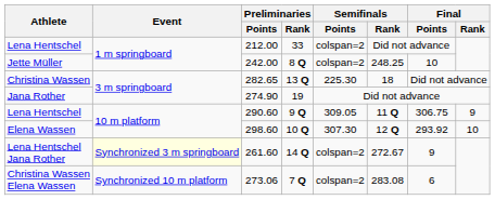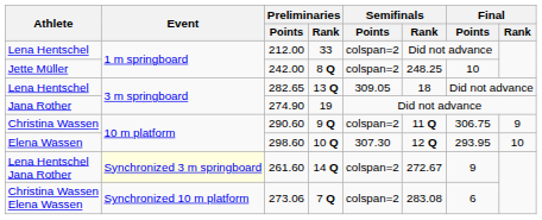 <table class="wikitable" style="font-size:90%">
 <tr>
 <th rowspan="2">Athlete</th>
 <th rowspan="2">Event</th>
 <th colspan="2">Preliminaries</th>
 <th colspan="2">Semifinals</th>
 <th colspan="2">Final</th>
 </tr>
 <tr style="font-size:95%">
 <th>Points</th>
 <th>Rank</th>
 <th>Points</th>
 <th>Rank</th>
 <th>Points</th>
 <th>Rank</th>
 </tr>
 <tr align=center>
 <td align=left><a href='#'>Lena Hentschel</a></td>
 <td align=left rowspan=2><a href='#'>1 m springboard</a></td>
 <td>212.00</td>
 <td>33</td>
 <td>colspan=2</td>
 <td colspan=2>Did not advance</td>
 </tr>
 <tr align=center>
 <td align=left><a href='#'>Jette Müller</a></td>
 <td>242.00</td>
 <td>8 <strong>Q</strong></td>
 <td>colspan=2</td>
 <td>248.25</td>
 <td>10</td>
 </tr>
 <tr align=center>
-<td align=left><a href='#'>Christina Wassen</a></td>
+<td align=left><a href='#'>Lena Hentschel</a></td>
 <td align=left rowspan=2><a href='#'>3 m springboard</a></td>
 <td>282.65</td>
 <td>13 <strong>Q</strong></td>
-<td>225.30</td>
+<td>309.05</td>
 <td>18</td>
 <td colspan=2>Did not advance</td>
 </tr>
 <tr align=center>
 <td align=left><a href='#'>Jana Rother</a></td>
 <td>274.90</td>
 <td>19</td>
 <td colspan=4>Did not advance</td>
 </tr>
 <tr align=center>
-<td align=left><a href='#'>Lena Hentschel</a></td>
+<td align=left><a href='#'>Christina Wassen</a></td>
 <td align=left rowspan=2><a href='#'>10 m platform</a></td>
 <td>290.60</td>
 <td>9 <strong>Q</strong></td>
-<td>309.05</td>
+<td>colspan=2</td>
 <td>11 <strong>Q</strong></td>
 <td>306.75</td>
 <td>9</td>
 </tr>
 <tr align=center>
 <td align=left><a href='#'>Elena Wassen</a></td>
 <td>298.60</td>
 <td>10 <strong>Q</strong></td>
 <td>307.30</td>
 <td>12 <strong>Q</strong></td>
-<td>293.92</td>
+<td>293.95</td>
 <td>10</td>
 </tr>
 <tr align=center>
 <td align=left><a href='#'>Lena Hentschel</a><br><a href='#'>Jana Rother</a></td>
 <td align=left style="background: lightyellow;"><a href='#'>Synchronized 3 m springboard</a></td>
 <td>261.60</td>
 <td>14 <strong>Q</strong></td>
 <td>colspan=2</td>
 <td>272.67</td>
 <td>9</td>
 </tr>
 <tr align=center>
 <td align=left><a href='#'>Christina Wassen</a><br><a href='#'>Elena Wassen</a></td>
 <td align=left><a href='#'>Synchronized 10 m platform</a></td>
 <td>273.06</td>
 <td>7 <strong>Q</strong></td>
 <td>colspan=2</td>
 <td>283.08</td>
 <td>6</td>
 </tr>
 </table>
